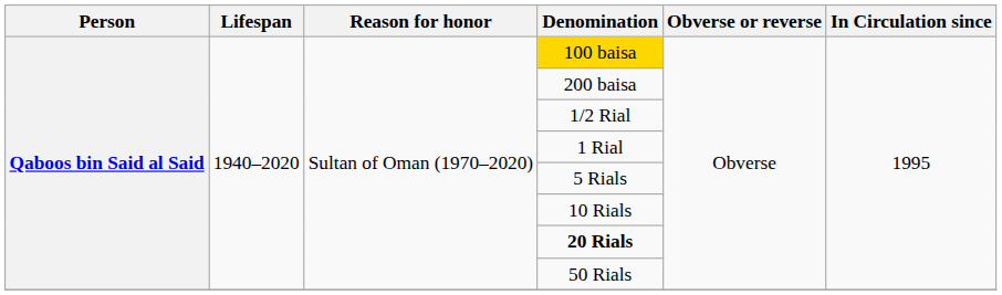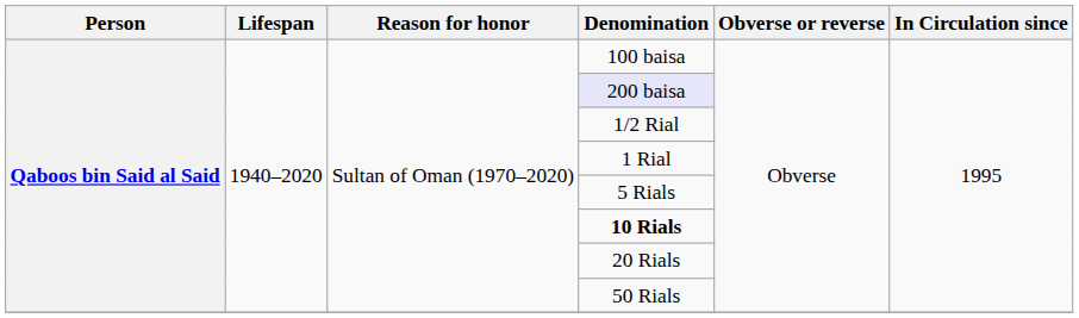 <table class="wikitable" style="font-size: 95%; text-align:center;">
 <tr>
 <th>Person</th>
 <th>Lifespan</th>
 <th>Reason for honor</th>
 <th>Denomination</th>
 <th>Obverse or reverse</th>
 <th>In Circulation since</th>
 </tr>
 <tr>
 <th rowspan = 8><a href='#'>Qaboos bin Said al Said</a></th>
 <td rowspan = 8>1940–2020</td>
 <td rowspan = 8>Sultan of Oman (1970–2020)</td>
-<td style="background: gold;">100 baisa</td>
+<td>100 baisa</td>
 <td rowspan = 8>Obverse</td>
 <td rowspan = 8>1995</td>
 </tr>
 <tr>
-<td>200 baisa</td>
+<td style="background: lavender;">200 baisa</td>
 </tr>
 <tr>
 <td>1/2 Rial</td>
 </tr>
 <tr>
 <td>1 Rial</td>
 </tr>
 <tr>
 <td>5 Rials</td>
 </tr>
 <tr>
-<td>10 Rials</td>
+<td><strong>10 Rials</strong></td>
 </tr>
 <tr>
-<td><strong>20 Rials</strong></td>
+<td>20 Rials</td>
 </tr>
 <tr>
 <td>50 Rials</td>
 </tr>
 <tr>
 </tr>
 </table>
